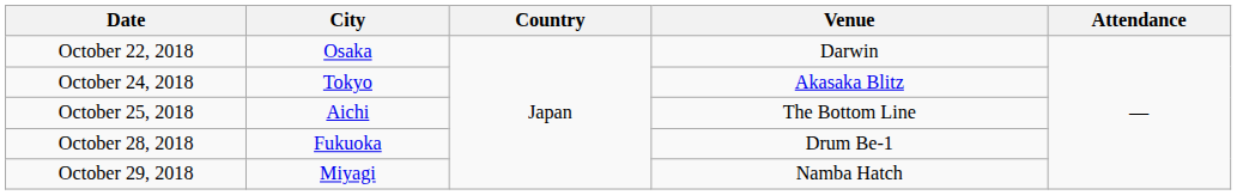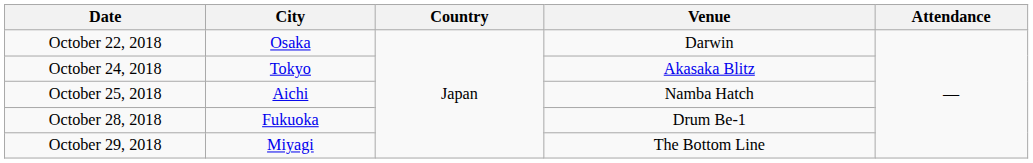 <table class="wikitable" style="text-align:center;">
 <tr>
 <th scope="col" style="width:12em">Date</th>
 <th scope="col" style="width:10em">City</th>
 <th scope="col" style="width:10em">Country</th>
 <th scope="col" style="width:20em">Venue</th>
 <th scope="col" style="width:9em">Attendance</th>
 </tr>
 <tr>
 <td>October 22, 2018</td>
 <td><a href='#'>Osaka</a></td>
 <td rowspan=5>Japan</td>
 <td>Darwin</td>
 <td rowspan=5>—</td>
 </tr>
 <tr>
 <td>October 24, 2018</td>
 <td><a href='#'>Tokyo</a></td>
 <td><a href='#'>Akasaka Blitz</a></td>
 </tr>
 <tr>
 <td>October 25, 2018</td>
 <td><a href='#'>Aichi</a></td>
-<td>The Bottom Line</td>
+<td>Namba Hatch</td>
 </tr>
 <tr>
 <td>October 28, 2018</td>
 <td><a href='#'>Fukuoka</a></td>
 <td>Drum Be-1</td>
 </tr>
 <tr>
 <td>October 29, 2018</td>
 <td><a href='#'>Miyagi</a></td>
-<td>Namba Hatch</td>
+<td>The Bottom Line</td>
 </tr>
 </table>
